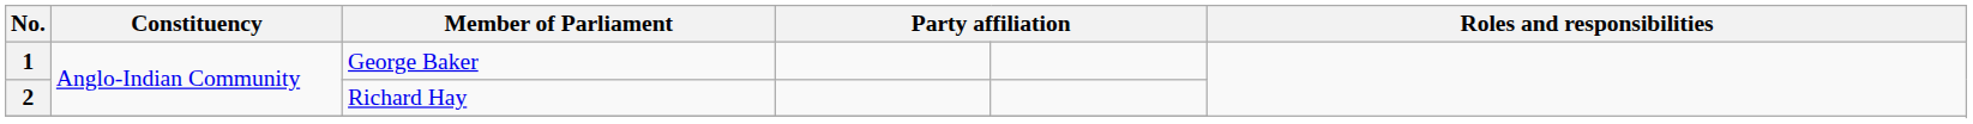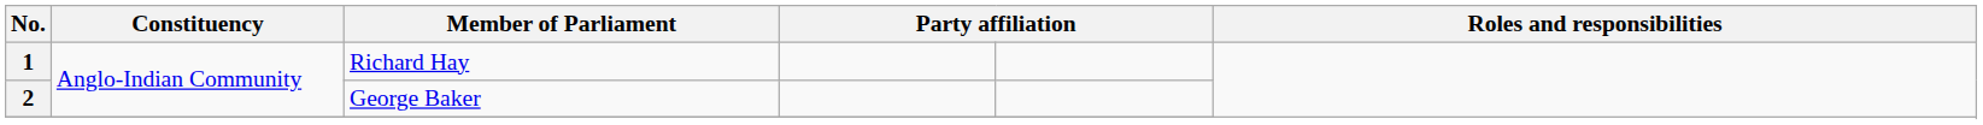 <table class="wikitable">
 <tr style="text-align:center;">
 <th>No.</th>
 <th style="width:12em">Constituency</th>
 <th style="width:18em">Member of Parliament</th>
 <th colspan="2" style="width:18em">Party affiliation</th>
 <th style="width:32em">Roles and responsibilities</th>
 </tr>
 <tr>
 <th>1</th>
 <td rowspan="2"><a href='#'>Anglo-Indian Community</a></td>
-<td><a href='#'>George Baker</a></td>
+<td><a href='#'>Richard Hay</a></td>
 <td></td>
 <td></td>
 </tr>
 <tr>
 <th>2</th>
-<td><a href='#'>Richard Hay</a></td>
+<td><a href='#'>George Baker</a></td>
 <td></td>
 <td></td>
 </tr>
 <tr>
 </tr>
 </table>
